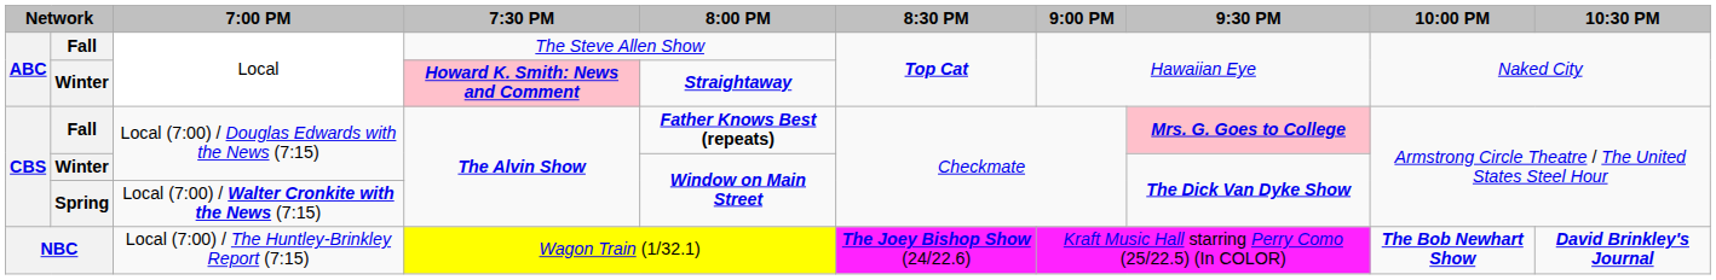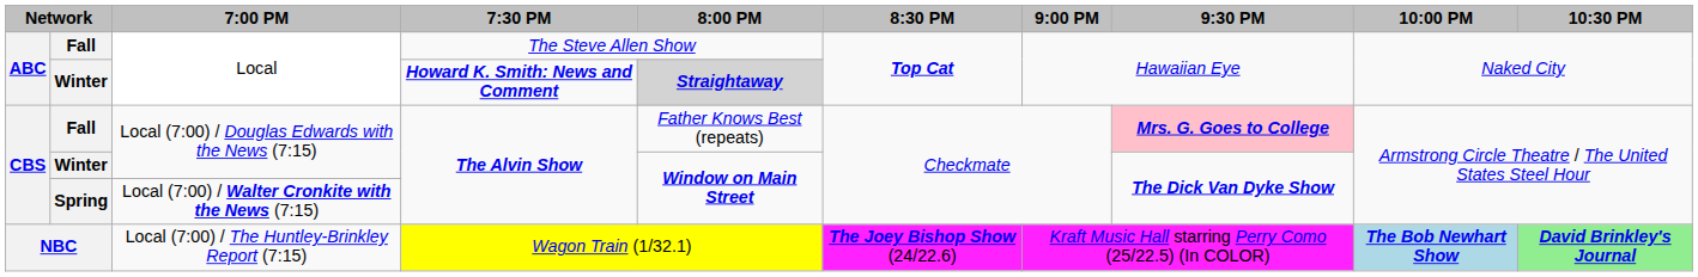 <table class="wikitable" style="width:100%;margin-right:0;text-align:center">
 <tr>
 <th colspan="2" style="background-color:#C0C0C0;text-align:center">Network</th>
 <th style="background-color:#C0C0C0;text-align:center">7:00 PM</th>
 <th style="background-color:#C0C0C0;text-align:center">7:30 PM</th>
 <th style="background-color:#C0C0C0;text-align:center">8:00 PM</th>
 <th style="background-color:#C0C0C0;text-align:center">8:30 PM</th>
 <th style="background-color:#C0C0C0;text-align:center">9:00 PM</th>
 <th style="background-color:#C0C0C0;text-align:center">9:30 PM</th>
 <th style="background-color:#C0C0C0;text-align:center">10:00 PM</th>
 <th style="background-color:#C0C0C0;text-align:center">10:30 PM</th>
 </tr>
 <tr>
 <th rowspan="2"><a href='#'>ABC</a></th>
 <th>Fall</th>
 <td bgcolor="white" rowspan="2">Local</td>
 <td colspan="2"><em><a href='#'>The Steve Allen Show</a></em></td>
 <td rowspan="2"><strong><em><a href='#'>Top Cat</a></em></strong></td>
 <td colspan="2" rowspan="2"><em><a href='#'>Hawaiian Eye</a></em></td>
 <td colspan="2" rowspan="2"><em><a href='#'>Naked City</a></em></td>
 </tr>
 <tr>
 <th>Winter</th>
-<td style="background: pink;"><strong><em><a href='#'>Howard K. Smith: News and Comment</a></em></strong></td>
-<td><strong><em><a href='#'>Straightaway</a></em></strong></td>
+<td><strong><em><a href='#'>Howard K. Smith: News and Comment</a></em></strong></td>
+<td style="background: lightgrey;"><strong><em><a href='#'>Straightaway</a></em></strong></td>
 </tr>
 <tr>
 <th rowspan="3"><a href='#'>CBS</a></th>
 <th>Fall</th>
 <td rowspan="2">Local (7:00) / <em><a href='#'>Douglas Edwards with the News</a></em> (7:15)</td>
 <td rowspan="3"><strong><em><a href='#'>The Alvin Show</a></em></strong></td>
-<td><strong><em><a href='#'>Father Knows Best</a></em> (repeats)</strong></td>
+<td><em><a href='#'>Father Knows Best</a></em> (repeats)</td>
 <td colspan="2" rowspan="3"><em><a href='#'>Checkmate</a></em></td>
 <td style="background: pink;"><strong><em><a href='#'>Mrs. G. Goes to College</a></em></strong></td>
 <td colspan="2" rowspan="3"><em><a href='#'>Armstrong Circle Theatre</a></em> / <em><a href='#'>The United States Steel Hour</a></em></td>
 </tr>
 <tr>
 <th>Winter</th>
 <td rowspan="2"><strong><em><a href='#'>Window on Main Street</a></em></strong></td>
 <td rowspan="2"><strong><em><a href='#'>The Dick Van Dyke Show</a></em></strong></td>
 </tr>
 <tr>
 <th>Spring</th>
 <td>Local (7:00) / <strong><em><a href='#'>Walter Cronkite with the News</a></em></strong> (7:15)</td>
 </tr>
 <tr>
 <th colspan="2"><a href='#'>NBC</a></th>
 <td>Local (7:00) / <em><a href='#'>The Huntley-Brinkley Report</a></em> (7:15)</td>
 <td bgcolor="#FFFF00" colspan="2"><em><a href='#'>Wagon Train</a></em> (1/32.1)</td>
 <td bgcolor="#FF22FF"><strong><em><a href='#'>The Joey Bishop Show</a></em></strong> (24/22.6)</td>
 <td colspan="2" bgcolor="#FF22FF"><em><a href='#'>Kraft Music Hall</a></em> starring <em><a href='#'>Perry Como</a></em> (25/22.5) (In <span>C</span><span>O</span><span>L</span><span>O</span><span>R</span>)</td>
-<td><strong><em><a href='#'>The Bob Newhart Show</a></em></strong></td>
-<td><strong><em><a href='#'>David Brinkley's Journal</a></em></strong></td>
+<td style="background: lightblue;"><strong><em><a href='#'>The Bob Newhart Show</a></em></strong></td>
+<td style="background: lightgreen;"><strong><em><a href='#'>David Brinkley's Journal</a></em></strong></td>
 </tr>
 </table>
